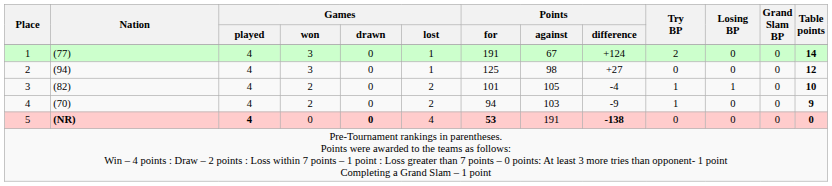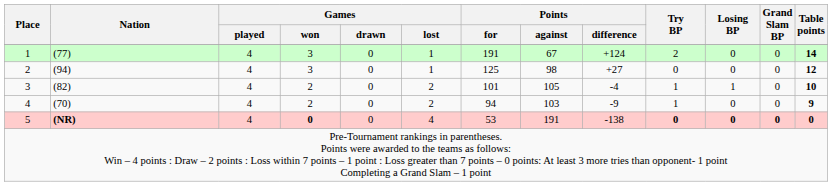 <table class="wikitable">
 <tr>
 <th rowspan=2 width="6%">Place</th>
 <th rowspan=2 width="23%">Nation</th>
 <th colspan=4 width="40%">Games</th>
 <th colspan=3 width="24%">Points</th>
 <th rowspan=2 width="8%">Try<br>BP</th>
 <th rowspan=2 width="8%">Losing<br>BP</th>
 <th rowspan=2 width="8%">Grand Slam<br>BP</th>
 <th rowspan=2 width="10%">Table<br>points</th>
 </tr>
 <tr>
 <th width="8%">played</th>
 <th width="8%">won</th>
 <th width="8%">drawn</th>
 <th width="8%">lost</th>
 <th width="8%">for</th>
 <th width="8%">against</th>
 <th width="8%">difference</th>
 </tr>
 <tr>
 </tr>
 <tr style="text-align:center; background:#cfc;">
 <td>1</td>
 <td align=left> (77)</td>
 <td>4</td>
 <td>3</td>
 <td>0</td>
 <td>1</td>
 <td>191</td>
 <td>67</td>
 <td>+124</td>
 <td>2</td>
 <td>0</td>
 <td>0</td>
 <td><strong>14</strong></td>
 </tr>
 <tr align=center>
 <td>2</td>
 <td align=left> (94)</td>
 <td>4</td>
 <td>3</td>
 <td>0</td>
 <td>1</td>
 <td>125</td>
 <td>98</td>
 <td>+27</td>
 <td>0</td>
 <td>0</td>
 <td>0</td>
 <td><strong>12</strong></td>
 </tr>
 <tr align=center>
 <td>3</td>
 <td align=left> (82)</td>
 <td>4</td>
 <td>2</td>
 <td>0</td>
 <td>2</td>
 <td>101</td>
 <td>105</td>
 <td>-4</td>
 <td>1</td>
 <td>1</td>
 <td>0</td>
 <td><strong>10</strong></td>
 </tr>
 <tr align=center>
 <td>4</td>
 <td align=left> (70)</td>
 <td>4</td>
 <td>2</td>
 <td>0</td>
 <td>2</td>
 <td>94</td>
 <td>103</td>
 <td>-9</td>
 <td>1</td>
 <td>0</td>
 <td>0</td>
 <td><strong>9</strong></td>
 </tr>
 <tr style="text-align:center; background:#fcc">
 <td>5</td>
 <td align=left><strong> (NR)</strong></td>
-<td><strong>4</strong></td>
+<td>4</td>
+<td><strong>0</strong></td>
 <td>0</td>
+<td>4</td>
+<td>53</td>
+<td>191</td>
+<td>-138</td>
 <td><strong>0</strong></td>
-<td>4</td>
-<td><strong>53</strong></td>
-<td>191</td>
-<td><strong>-138</strong></td>
-<td>0</td>
-<td>0</td>
-<td>0</td>
+<td><strong>0</strong></td>
+<td><strong>0</strong></td>
 <td><strong>0</strong></td>
 </tr>
 <tr>
 <td style="text-align:center;" colspan="100">Pre-Tournament rankings in parentheses. <br> Points were awarded to the teams as follows:<br>Win – 4 points : Draw – 2 points  : Loss within 7 points – 1 point : Loss greater than 7 points – 0 points: At least 3 more tries than opponent- 1 point<br>Completing a Grand Slam – 1 point</td>
 </tr>
 </table>
